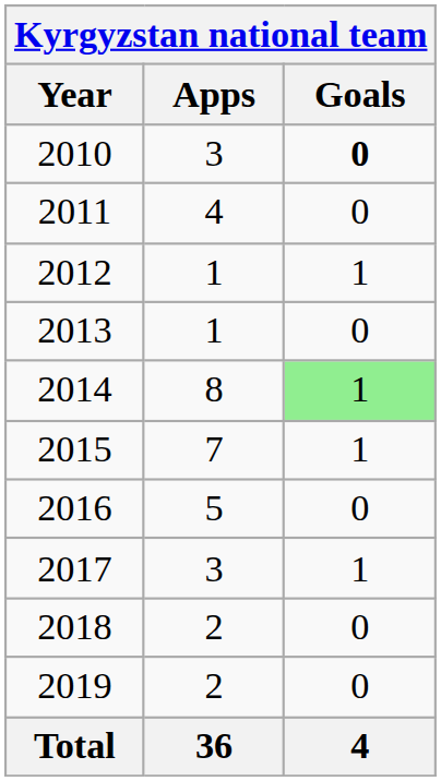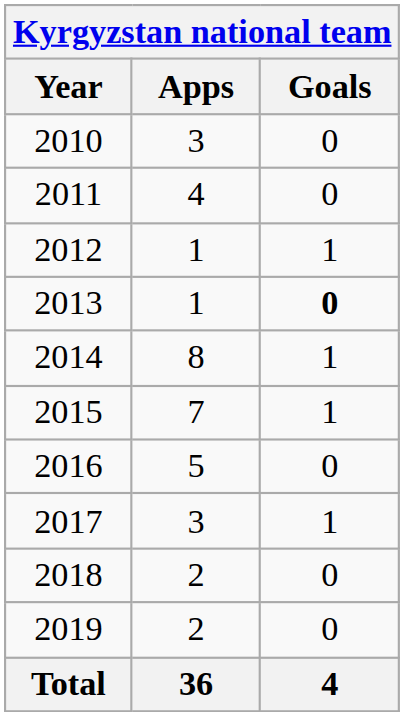 <table class="wikitable" style="text-align:center">
 <tr>
 <th colspan=3><a href='#'>Kyrgyzstan national team</a></th>
 </tr>
 <tr>
 <th>Year</th>
 <th>Apps</th>
 <th>Goals</th>
 </tr>
 <tr>
 <td>2010</td>
 <td>3</td>
-<td><strong>0</strong></td>
+<td>0</td>
 </tr>
 <tr>
 <td>2011</td>
 <td>4</td>
 <td>0</td>
 </tr>
 <tr>
 <td>2012</td>
 <td>1</td>
 <td>1</td>
 </tr>
 <tr>
 <td>2013</td>
 <td>1</td>
-<td>0</td>
+<td><strong>0</strong></td>
 </tr>
 <tr>
 <td>2014</td>
 <td>8</td>
-<td style="background: lightgreen;">1</td>
+<td>1</td>
 </tr>
 <tr>
 <td>2015</td>
 <td>7</td>
 <td>1</td>
 </tr>
 <tr>
 <td>2016</td>
 <td>5</td>
 <td>0</td>
 </tr>
 <tr>
 <td>2017</td>
 <td>3</td>
 <td>1</td>
 </tr>
 <tr>
 <td>2018</td>
 <td>2</td>
 <td>0</td>
 </tr>
 <tr>
 <td>2019</td>
 <td>2</td>
 <td>0</td>
 </tr>
 <tr>
 <th>Total</th>
 <th>36</th>
 <th>4</th>
 </tr>
 </table>
